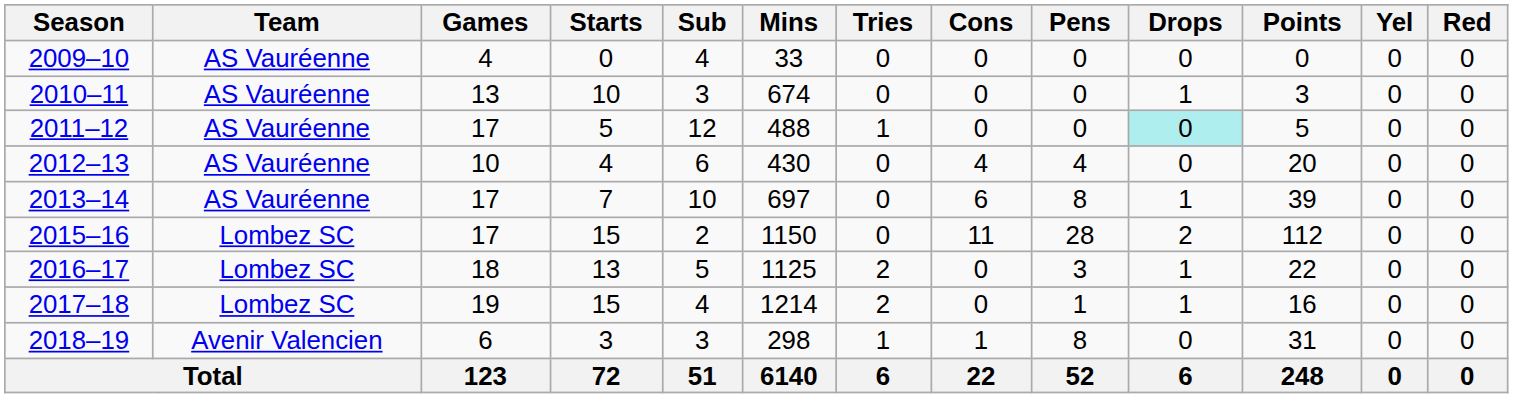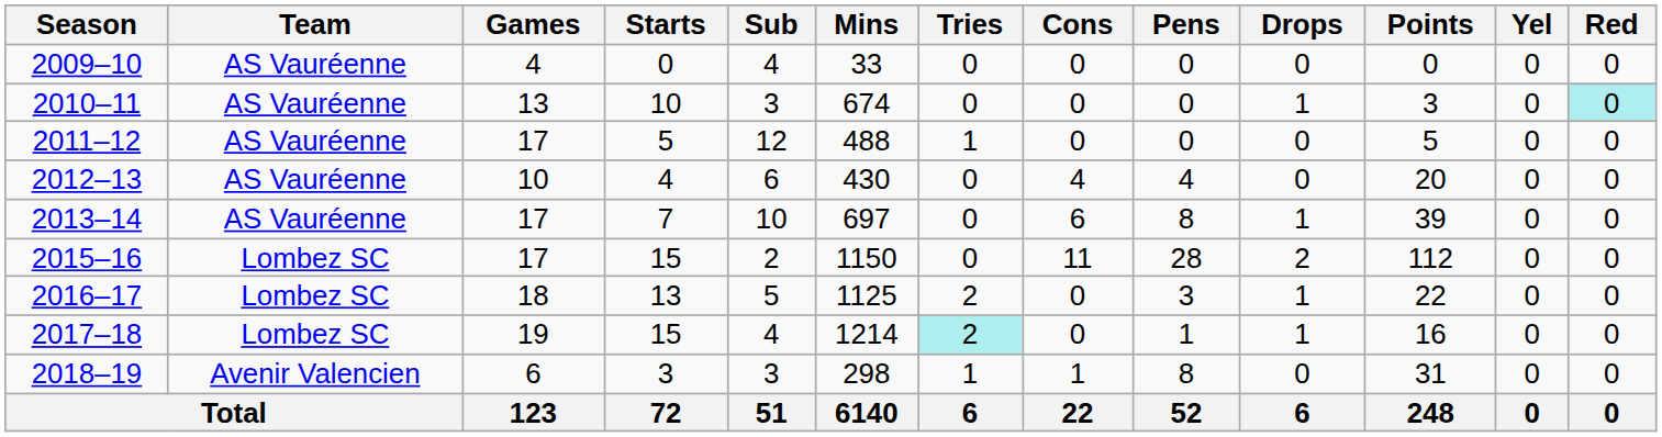 <table class="wikitable" style="text-align:center; line-height:90%; font-size:95%; width:70%;">
 <tr>
 <th>Season</th>
 <th>Team</th>
 <th>Games</th>
 <th>Starts</th>
 <th>Sub</th>
 <th>Mins</th>
 <th>Tries</th>
 <th>Cons</th>
 <th>Pens</th>
 <th>Drops</th>
 <th>Points</th>
 <th>Yel</th>
 <th>Red</th>
 </tr>
 <tr>
 <td><a href='#'>2009–10</a></td>
 <td><a href='#'>AS Vauréenne</a></td>
 <td>4</td>
 <td>0</td>
 <td>4</td>
 <td>33</td>
 <td>0</td>
 <td>0</td>
 <td>0</td>
 <td>0</td>
 <td>0</td>
 <td>0</td>
 <td>0</td>
 </tr>
 <tr>
 <td><a href='#'>2010–11</a></td>
 <td><a href='#'>AS Vauréenne</a></td>
 <td>13</td>
 <td>10</td>
 <td>3</td>
 <td>674</td>
 <td>0</td>
 <td>0</td>
 <td>0</td>
 <td>1</td>
 <td>3</td>
 <td>0</td>
-<td>0</td>
+<td style="background: paleturquoise;">0</td>
 </tr>
 <tr>
 <td><a href='#'>2011–12</a></td>
 <td><a href='#'>AS Vauréenne</a></td>
 <td>17</td>
 <td>5</td>
 <td>12</td>
 <td>488</td>
 <td>1</td>
 <td>0</td>
 <td>0</td>
-<td style="background: paleturquoise;">0</td>
+<td>0</td>
 <td>5</td>
 <td>0</td>
 <td>0</td>
 </tr>
 <tr>
 <td><a href='#'>2012–13</a></td>
 <td><a href='#'>AS Vauréenne</a></td>
 <td>10</td>
 <td>4</td>
 <td>6</td>
 <td>430</td>
 <td>0</td>
 <td>4</td>
 <td>4</td>
 <td>0</td>
 <td>20</td>
 <td>0</td>
 <td>0</td>
 </tr>
 <tr>
 <td><a href='#'>2013–14</a></td>
 <td><a href='#'>AS Vauréenne</a></td>
 <td>17</td>
 <td>7</td>
 <td>10</td>
 <td>697</td>
 <td>0</td>
 <td>6</td>
 <td>8</td>
 <td>1</td>
 <td>39</td>
 <td>0</td>
 <td>0</td>
 </tr>
 <tr>
 <td><a href='#'>2015–16</a></td>
 <td><a href='#'>Lombez SC</a></td>
 <td>17</td>
 <td>15</td>
 <td>2</td>
 <td>1150</td>
 <td>0</td>
 <td>11</td>
 <td>28</td>
 <td>2</td>
 <td>112</td>
 <td>0</td>
 <td>0</td>
 </tr>
 <tr>
 <td><a href='#'>2016–17</a></td>
 <td><a href='#'>Lombez SC</a></td>
 <td>18</td>
 <td>13</td>
 <td>5</td>
 <td>1125</td>
 <td>2</td>
 <td>0</td>
 <td>3</td>
 <td>1</td>
 <td>22</td>
 <td>0</td>
 <td>0</td>
 </tr>
 <tr>
 <td><a href='#'>2017–18</a></td>
 <td><a href='#'>Lombez SC</a></td>
 <td>19</td>
 <td>15</td>
 <td>4</td>
 <td>1214</td>
-<td>2</td>
+<td style="background: paleturquoise;">2</td>
 <td>0</td>
 <td>1</td>
 <td>1</td>
 <td>16</td>
 <td>0</td>
 <td>0</td>
 </tr>
 <tr>
 <td><a href='#'>2018–19</a></td>
 <td><a href='#'>Avenir Valencien</a></td>
 <td>6</td>
 <td>3</td>
 <td>3</td>
 <td>298</td>
 <td>1</td>
 <td>1</td>
 <td>8</td>
 <td>0</td>
 <td>31</td>
 <td>0</td>
 <td>0</td>
 </tr>
 <tr>
 <th colspan="2">Total</th>
 <th>123</th>
 <th>72</th>
 <th>51</th>
 <th>6140</th>
 <th>6</th>
 <th>22</th>
 <th>52</th>
 <th>6</th>
 <th>248</th>
 <th>0</th>
 <th>0</th>
 </tr>
 </table>
